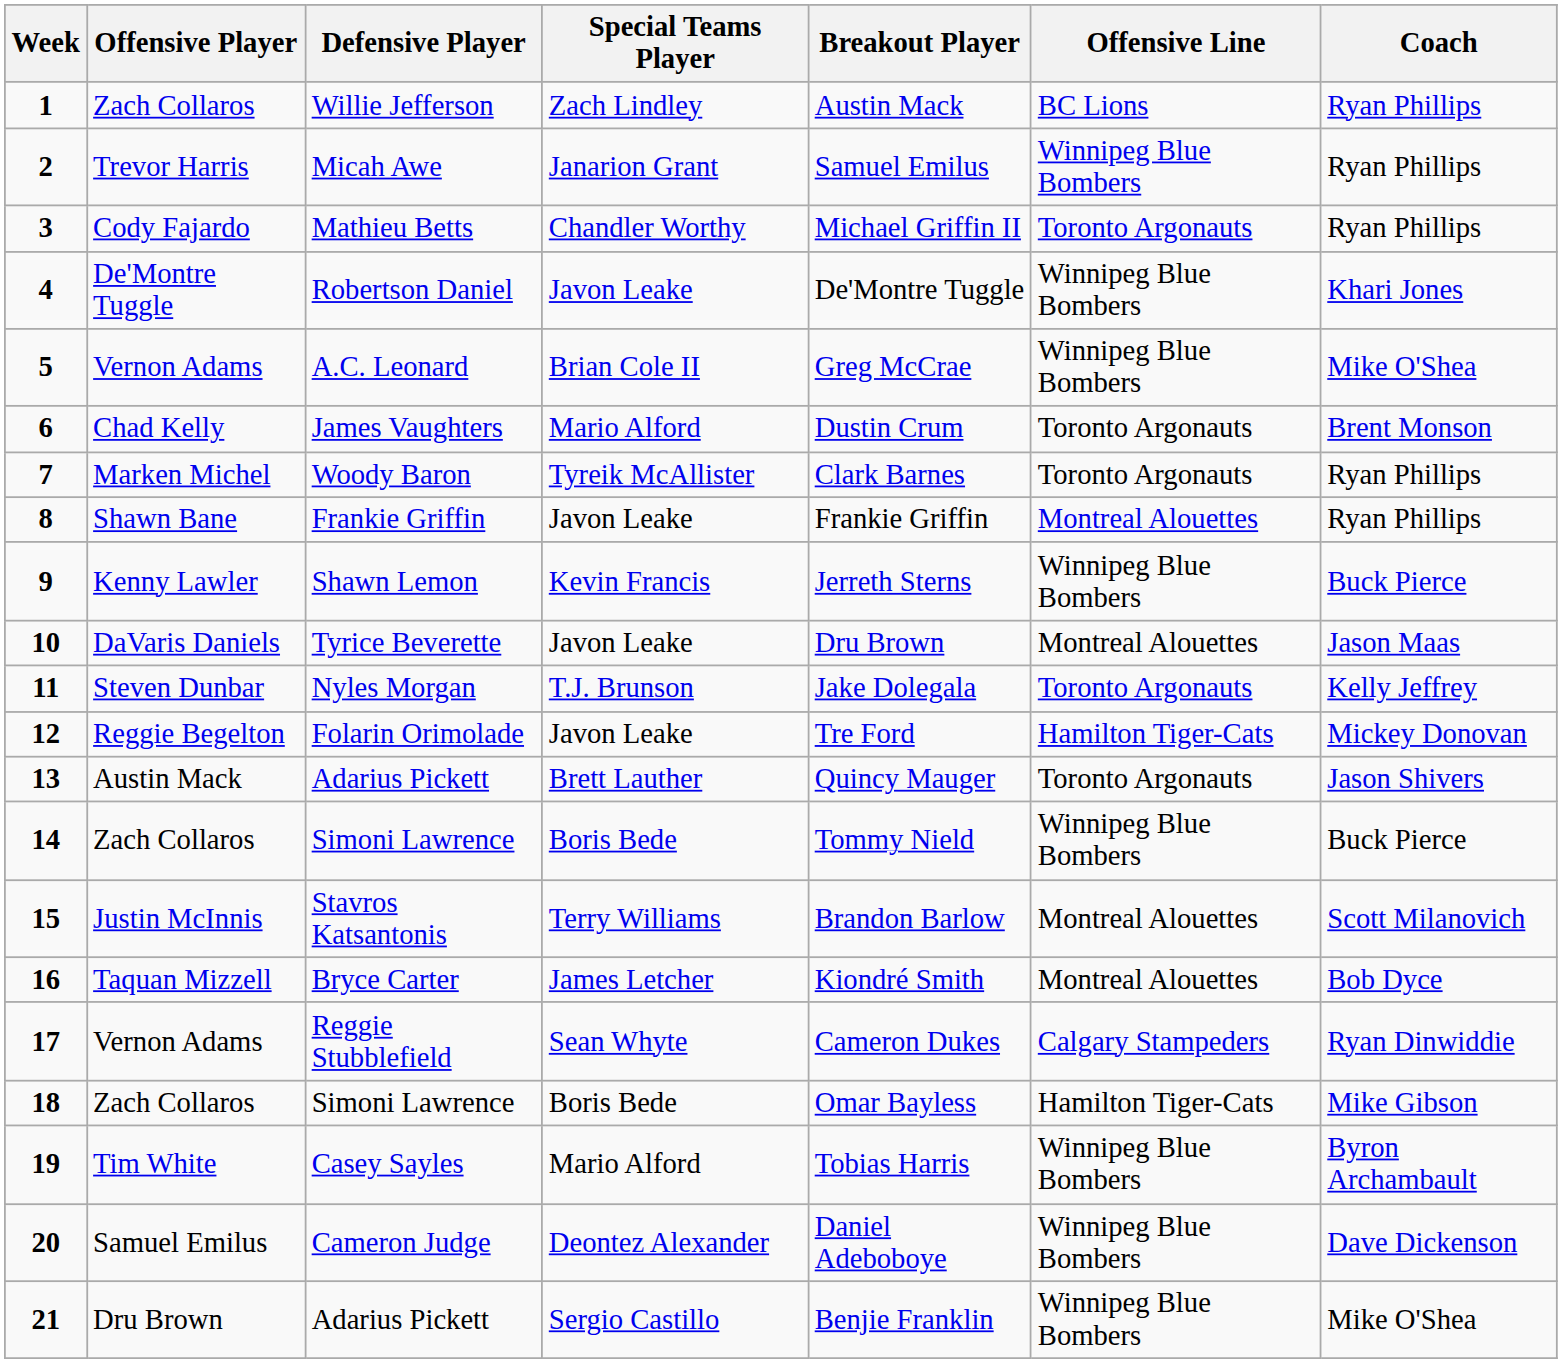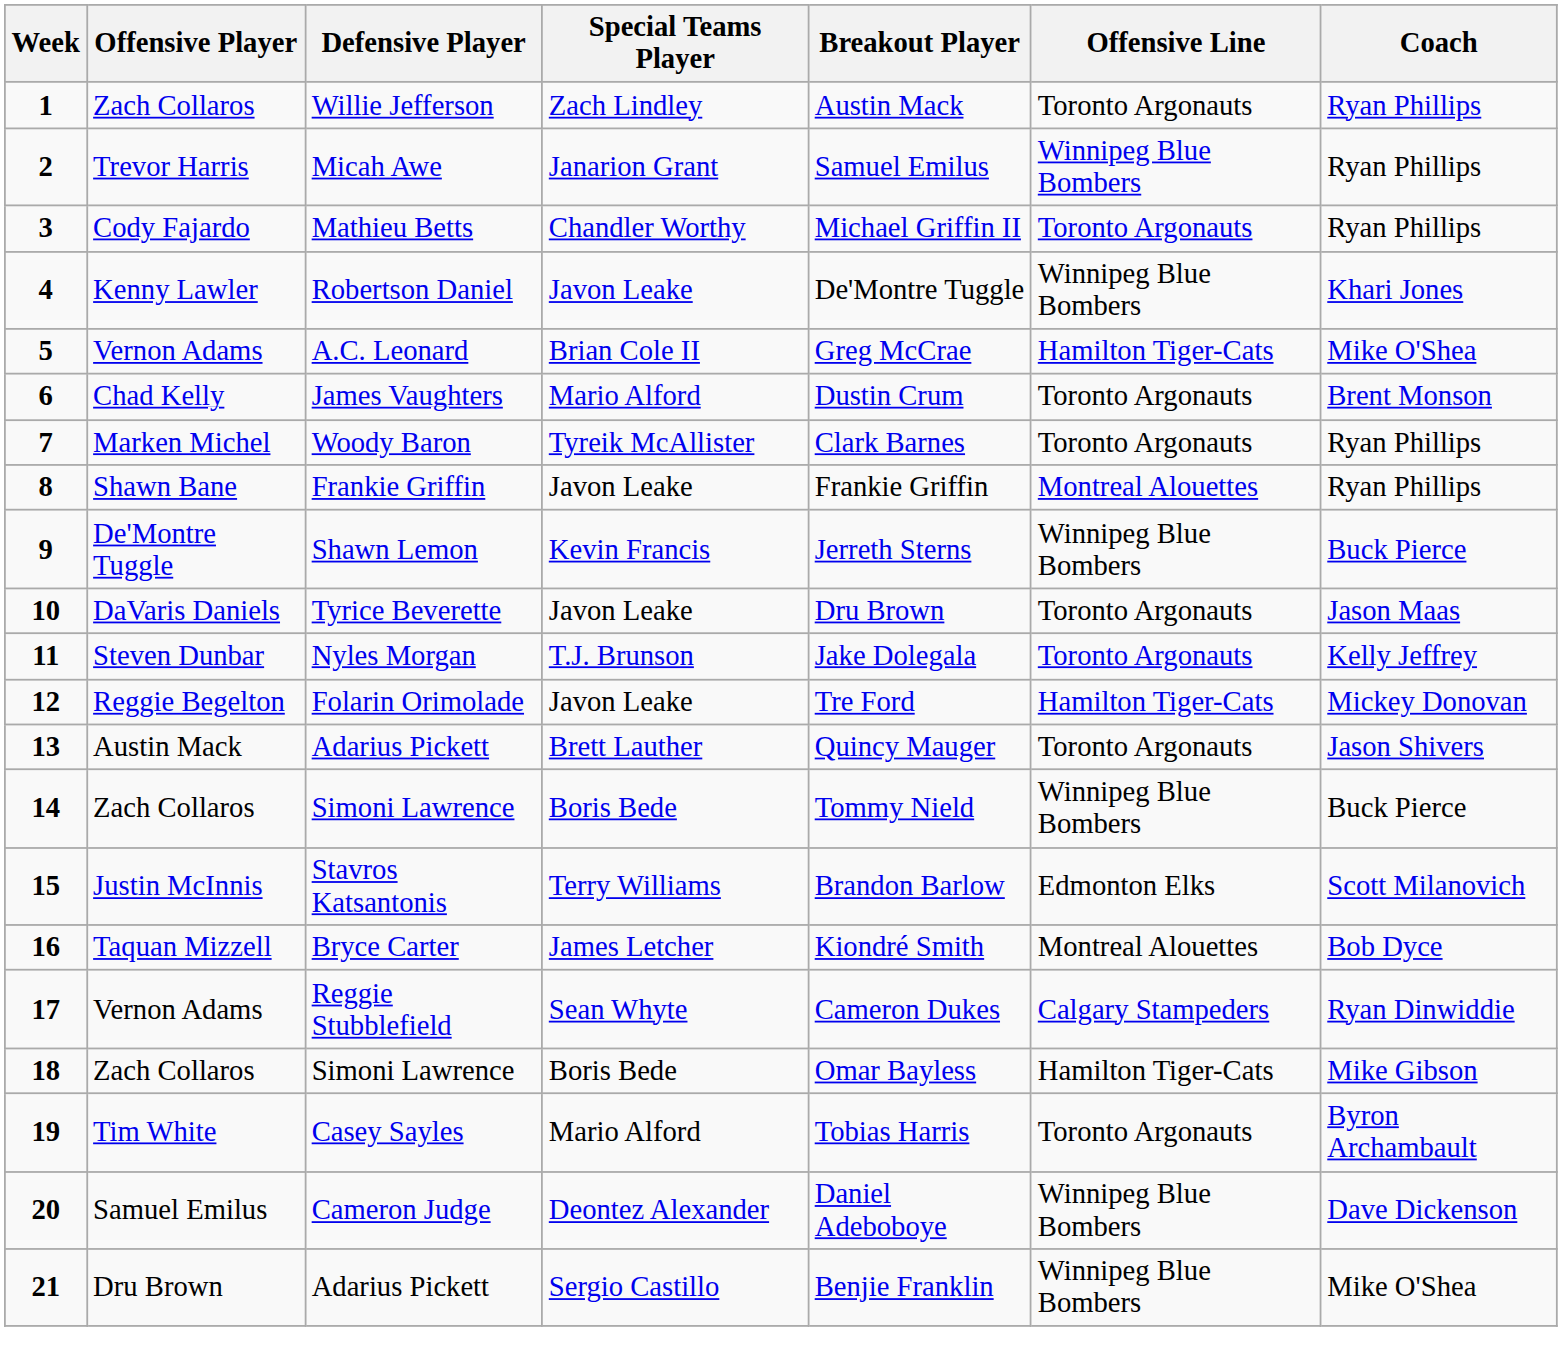 <table class="wikitable">
 <tr>
 <th>Week</th>
 <th>Offensive Player</th>
 <th>Defensive Player</th>
 <th>Special Teams Player</th>
 <th>Breakout Player</th>
 <th>Offensive Line</th>
 <th>Coach</th>
 </tr>
 <tr>
 <td style="text-align: center;"><strong>1</strong><br></td>
 <td><a href='#'>Zach Collaros</a></td>
 <td><a href='#'>Willie Jefferson</a></td>
 <td><a href='#'>Zach Lindley</a></td>
 <td><a href='#'>Austin Mack</a></td>
-<td><a href='#'>BC Lions</a></td>
+<td>Toronto Argonauts</td>
 <td><a href='#'>Ryan Phillips</a></td>
 </tr>
 <tr>
 <td style="text-align: center;"><strong>2</strong><br></td>
 <td><a href='#'>Trevor Harris</a></td>
 <td><a href='#'>Micah Awe</a></td>
 <td><a href='#'>Janarion Grant</a></td>
 <td><a href='#'>Samuel Emilus</a></td>
 <td><a href='#'>Winnipeg Blue Bombers</a></td>
 <td>Ryan Phillips</td>
 </tr>
 <tr>
 <td style="text-align: center;"><strong>3</strong><br></td>
 <td><a href='#'>Cody Fajardo</a></td>
 <td><a href='#'>Mathieu Betts</a></td>
 <td><a href='#'>Chandler Worthy</a></td>
 <td><a href='#'>Michael Griffin II</a></td>
 <td><a href='#'>Toronto Argonauts</a></td>
 <td>Ryan Phillips</td>
 </tr>
 <tr>
 <td style="text-align: center;"><strong>4</strong><br></td>
-<td><a href='#'>De'Montre Tuggle</a></td>
+<td><a href='#'>Kenny Lawler</a></td>
 <td><a href='#'>Robertson Daniel</a></td>
 <td><a href='#'>Javon Leake</a></td>
 <td>De'Montre Tuggle</td>
 <td>Winnipeg Blue Bombers</td>
 <td><a href='#'>Khari Jones</a></td>
 </tr>
 <tr>
 <td style="text-align: center;"><strong>5</strong><br></td>
 <td><a href='#'>Vernon Adams</a></td>
 <td><a href='#'>A.C. Leonard</a></td>
 <td><a href='#'>Brian Cole II</a></td>
 <td><a href='#'>Greg McCrae</a></td>
-<td>Winnipeg Blue Bombers</td>
+<td><a href='#'>Hamilton Tiger-Cats</a></td>
 <td><a href='#'>Mike O'Shea</a></td>
 </tr>
 <tr>
 <td style="text-align: center;"><strong>6</strong><br></td>
 <td><a href='#'>Chad Kelly</a></td>
 <td><a href='#'>James Vaughters</a></td>
 <td><a href='#'>Mario Alford</a></td>
 <td><a href='#'>Dustin Crum</a></td>
 <td>Toronto Argonauts</td>
 <td><a href='#'>Brent Monson</a></td>
 </tr>
 <tr>
 <td style="text-align: center;"><strong>7</strong><br></td>
 <td><a href='#'>Marken Michel</a></td>
 <td><a href='#'>Woody Baron</a></td>
 <td><a href='#'>Tyreik McAllister</a></td>
 <td><a href='#'>Clark Barnes</a></td>
 <td>Toronto Argonauts</td>
 <td>Ryan Phillips</td>
 </tr>
 <tr>
 <td style="text-align: center;"><strong>8</strong><br></td>
 <td><a href='#'>Shawn Bane</a></td>
 <td><a href='#'>Frankie Griffin</a></td>
 <td>Javon Leake</td>
 <td>Frankie Griffin</td>
 <td><a href='#'>Montreal Alouettes</a></td>
 <td>Ryan Phillips</td>
 </tr>
 <tr>
 <td style="text-align: center;"><strong>9</strong><br></td>
-<td><a href='#'>Kenny Lawler</a></td>
+<td><a href='#'>De'Montre Tuggle</a></td>
 <td><a href='#'>Shawn Lemon</a></td>
 <td><a href='#'>Kevin Francis</a></td>
 <td><a href='#'>Jerreth Sterns</a></td>
 <td>Winnipeg Blue Bombers</td>
 <td><a href='#'>Buck Pierce</a></td>
 </tr>
 <tr>
 <td style="text-align: center;"><strong>10</strong><br></td>
 <td><a href='#'>DaVaris Daniels</a></td>
 <td><a href='#'>Tyrice Beverette</a></td>
 <td>Javon Leake</td>
 <td><a href='#'>Dru Brown</a></td>
-<td>Montreal Alouettes</td>
+<td>Toronto Argonauts</td>
 <td><a href='#'>Jason Maas</a></td>
 </tr>
 <tr>
 <td style="text-align: center;"><strong>11</strong><br></td>
 <td><a href='#'>Steven Dunbar</a></td>
 <td><a href='#'>Nyles Morgan</a></td>
 <td><a href='#'>T.J. Brunson</a></td>
 <td><a href='#'>Jake Dolegala</a></td>
 <td><a href='#'>Toronto Argonauts</a></td>
 <td><a href='#'>Kelly Jeffrey</a></td>
 </tr>
 <tr>
 <td style="text-align: center;"><strong>12</strong><br></td>
 <td><a href='#'>Reggie Begelton</a></td>
 <td><a href='#'>Folarin Orimolade</a></td>
 <td>Javon Leake</td>
 <td><a href='#'>Tre Ford</a></td>
 <td><a href='#'>Hamilton Tiger-Cats</a></td>
 <td><a href='#'>Mickey Donovan</a></td>
 </tr>
 <tr>
 <td style="text-align: center;"><strong>13</strong><br></td>
 <td>Austin Mack</td>
 <td><a href='#'>Adarius Pickett</a></td>
 <td><a href='#'>Brett Lauther</a></td>
 <td><a href='#'>Quincy Mauger</a></td>
 <td>Toronto Argonauts</td>
 <td><a href='#'>Jason Shivers</a></td>
 </tr>
 <tr>
 <td style="text-align: center;"><strong>14</strong><br></td>
 <td>Zach Collaros</td>
 <td><a href='#'>Simoni Lawrence</a></td>
 <td><a href='#'>Boris Bede</a></td>
 <td><a href='#'>Tommy Nield</a></td>
 <td>Winnipeg Blue Bombers</td>
 <td>Buck Pierce</td>
 </tr>
 <tr>
 <td style="text-align: center;"><strong>15</strong><br></td>
 <td><a href='#'>Justin McInnis</a></td>
 <td><a href='#'>Stavros Katsantonis</a></td>
 <td><a href='#'>Terry Williams</a></td>
 <td><a href='#'>Brandon Barlow</a></td>
-<td>Montreal Alouettes</td>
+<td>Edmonton Elks</td>
 <td><a href='#'>Scott Milanovich</a></td>
 </tr>
 <tr>
 <td style="text-align: center;"><strong>16</strong><br></td>
 <td><a href='#'>Taquan Mizzell</a></td>
 <td><a href='#'>Bryce Carter</a></td>
 <td><a href='#'>James Letcher</a></td>
 <td><a href='#'>Kiondré Smith</a></td>
 <td>Montreal Alouettes</td>
 <td><a href='#'>Bob Dyce</a></td>
 </tr>
 <tr>
 <td style="text-align: center;"><strong>17</strong><br></td>
 <td>Vernon Adams</td>
 <td><a href='#'>Reggie Stubblefield</a></td>
 <td><a href='#'>Sean Whyte</a></td>
 <td><a href='#'>Cameron Dukes</a></td>
 <td><a href='#'>Calgary Stampeders</a></td>
 <td><a href='#'>Ryan Dinwiddie</a></td>
 </tr>
 <tr>
 <td style="text-align: center;"><strong>18</strong><br></td>
 <td>Zach Collaros</td>
 <td>Simoni Lawrence</td>
 <td>Boris Bede</td>
 <td><a href='#'>Omar Bayless</a></td>
 <td>Hamilton Tiger-Cats</td>
 <td><a href='#'>Mike Gibson</a></td>
 </tr>
 <tr>
 <td style="text-align: center;"><strong>19</strong><br></td>
 <td><a href='#'>Tim White</a></td>
 <td><a href='#'>Casey Sayles</a></td>
 <td>Mario Alford</td>
 <td><a href='#'>Tobias Harris</a></td>
-<td>Winnipeg Blue Bombers</td>
+<td>Toronto Argonauts</td>
 <td><a href='#'>Byron Archambault</a></td>
 </tr>
 <tr>
 <td style="text-align: center;"><strong>20</strong><br></td>
 <td>Samuel Emilus</td>
 <td><a href='#'>Cameron Judge</a></td>
 <td><a href='#'>Deontez Alexander</a></td>
 <td><a href='#'>Daniel Adeboboye</a></td>
 <td>Winnipeg Blue Bombers</td>
 <td><a href='#'>Dave Dickenson</a></td>
 </tr>
 <tr>
 <td style="text-align: center;"><strong>21</strong><br></td>
 <td>Dru Brown</td>
 <td>Adarius Pickett</td>
 <td><a href='#'>Sergio Castillo</a></td>
 <td><a href='#'>Benjie Franklin</a></td>
 <td>Winnipeg Blue Bombers</td>
 <td>Mike O'Shea</td>
 </tr>
 </table>
